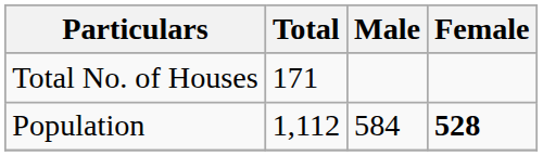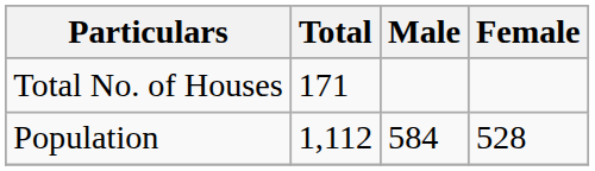 <table class="wikitable sortable">
 <tr>
 <th>Particulars</th>
 <th>Total</th>
 <th>Male</th>
 <th>Female</th>
 </tr>
 <tr>
 <td>Total No. of Houses</td>
 <td>171</td>
 <td></td>
 <td></td>
 </tr>
 <tr>
 <td>Population</td>
 <td>1,112</td>
 <td>584</td>
-<td><strong>528</strong></td>
+<td>528</td>
 </tr>
 <tr>
 </tr>
 </table>
